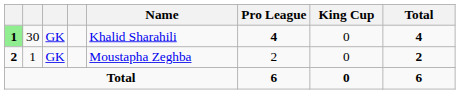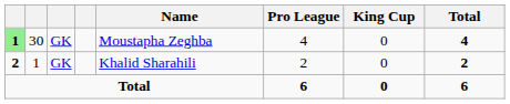 <table class="wikitable" style="text-align:center">
 <tr>
 <th width=15></th>
 <th width=15></th>
 <th width=15></th>
 <th width=15></th>
 <th width=175>Name</th>
 <th width=80>Pro League</th>
 <th width=80>King Cup</th>
 <th width=80>Total</th>
 </tr>
 <tr>
 <td style="background: lightgreen;"><strong>1</strong></td>
 <td>30</td>
 <td><a href='#'>GK</a></td>
 <td></td>
-<td align=left><a href='#'>Khalid Sharahili</a></td>
-<td><strong>4</strong></td>
+<td align=left><a href='#'>Moustapha Zeghba</a></td>
+<td>4</td>
 <td>0</td>
 <td><strong>4</strong></td>
 </tr>
 <tr>
 <td><strong>2</strong></td>
 <td>1</td>
 <td><a href='#'>GK</a></td>
 <td></td>
-<td align=left><a href='#'>Moustapha Zeghba</a></td>
+<td align=left><a href='#'>Khalid Sharahili</a></td>
 <td>2</td>
 <td>0</td>
 <td><strong>2</strong></td>
 </tr>
 <tr>
 <td colspan=5><strong>Total</strong></td>
 <td><strong>6</strong></td>
 <td><strong>0</strong></td>
 <td><strong>6</strong></td>
 </tr>
 </table>
